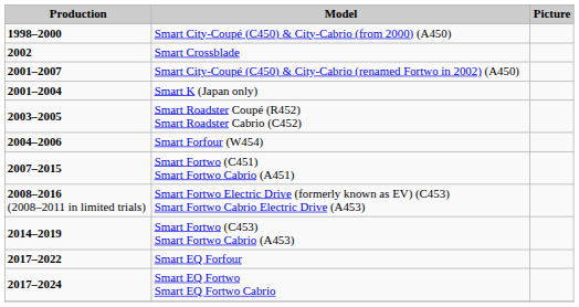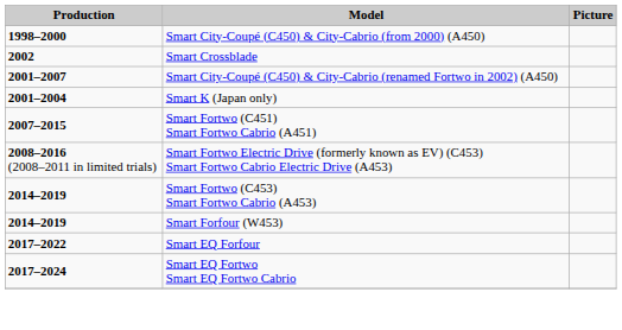 <table class="wikitable" style="width:60%;">
 <tr>
 <td style="background:#ccc;text-align:center;"><strong>Production</strong></td>
 <td style="background:#ccc;text-align:center;"><strong>Model</strong></td>
 <td style="background:#ccc;text-align:center;"><strong>Picture</strong></td>
 </tr>
 <tr>
 <td><strong>1998–2000</strong></td>
 <td><a href='#'>Smart City-Coupé (C450) & City-Cabrio (from 2000)</a> (A450)</td>
 <td></td>
 </tr>
 <tr>
 <td><strong>2002</strong></td>
 <td><a href='#'>Smart Crossblade</a></td>
 <td></td>
 </tr>
 <tr>
 <td><strong>2001–2007</strong></td>
 <td><a href='#'>Smart City-Coupé (C450) & City-Cabrio (renamed Fortwo in 2002)</a> (A450)</td>
 <td></td>
 </tr>
 <tr>
 <td><strong>2001–2004</strong></td>
 <td><a href='#'>Smart K</a> (Japan only)</td>
 <td></td>
 </tr>
 <tr>
-<td><strong>2003–2005</strong></td>
-<td><a href='#'>Smart Roadster</a> Coupé (R452)<br><a href='#'>Smart Roadster</a> Cabrio (C452)</td>
-<td></td>
-</tr>
-<tr>
-<td><strong>2004–2006</strong></td>
-<td><a href='#'>Smart Forfour</a> (W454)</td>
-<td></td>
-</tr>
-<tr>
 <td><strong>2007–2015</strong></td>
 <td><a href='#'>Smart Fortwo</a> (C451)<br><a href='#'>Smart Fortwo Cabrio</a> (A451)</td>
 <td></td>
 </tr>
 <tr>
 <td><strong>2008–2016</strong><br>(2008–2011 in limited trials)</td>
 <td><a href='#'>Smart Fortwo Electric Drive</a> (formerly known as EV) (C453)<br><a href='#'>Smart Fortwo Cabrio Electric Drive</a> (A453)</td>
 <td></td>
 </tr>
 <tr>
 <td><strong>2014–2019</strong></td>
 <td><a href='#'>Smart Fortwo</a> (C453)<br><a href='#'>Smart Fortwo Cabrio</a> (A453)</td>
 <td></td>
 </tr>
 <tr>
+<td><strong>2014–2019</strong></td>
+<td><a href='#'>Smart Forfour</a> (W453)</td>
+<td></td>
+</tr>
+<tr>
 <td><strong>2017–2022</strong></td>
 <td><a href='#'>Smart EQ Forfour</a></td>
 <td></td>
 </tr>
 <tr>
 <td><strong>2017–2024</strong></td>
 <td><a href='#'>Smart EQ Fortwo</a><br><a href='#'>Smart EQ Fortwo Cabrio</a></td>
 <td></td>
 </tr>
 <tr>
 </tr>
 </table>
